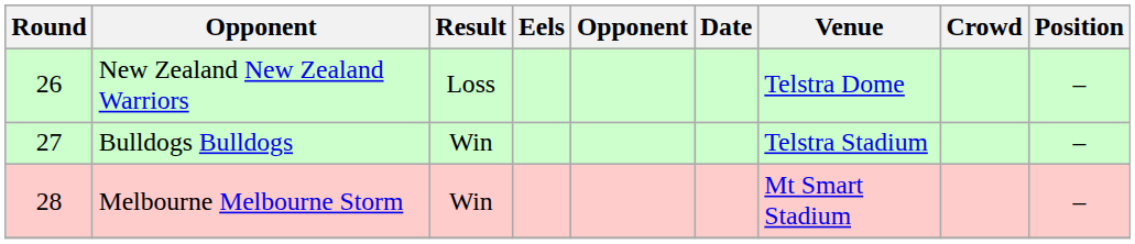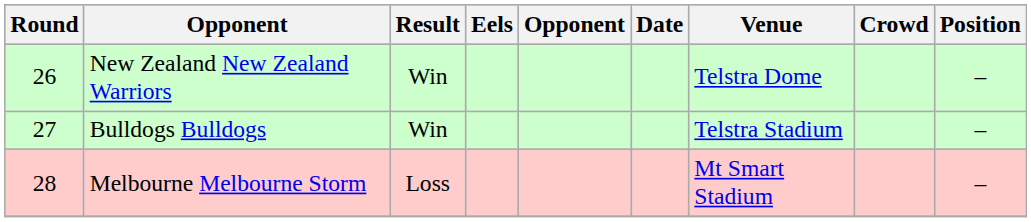 <table class="wikitable sortable" width="100%" style="font-size:90%">
 <tr>
 <th>Round</th>
 <th>Opponent</th>
 <th>Result</th>
 <th>Eels</th>
 <th>Opponent</th>
 <th>Date</th>
 <th>Venue</th>
 <th>Crowd</th>
 <th>Position</th>
 </tr>
 <tr style="background:#cfc">
 <td align="center"><span>26</span></td>
 <td><span>New Zealand</span> <a href='#'>New Zealand Warriors</a></td>
-<td align="center">Loss</td>
+<td align="center">Win</td>
 <td align="center"></td>
 <td align="center"></td>
 <td></td>
 <td><a href='#'>Telstra Dome</a></td>
 <td align="center"></td>
 <td align="center">–</td>
 </tr>
 <tr style="background:#cfc">
 <td align="center"><span>27</span></td>
 <td><span>Bulldogs</span> <a href='#'>Bulldogs</a></td>
 <td align="center">Win</td>
 <td align="center"></td>
 <td align="center"></td>
 <td></td>
 <td><a href='#'>Telstra Stadium</a></td>
 <td align="center"></td>
 <td align="center">–</td>
 </tr>
 <tr style="background:#fcc;">
 <td align="center"><span>28</span></td>
 <td><span>Melbourne</span> <a href='#'>Melbourne Storm</a></td>
-<td align="center">Win</td>
+<td align="center">Loss</td>
 <td align="center"></td>
 <td align="center"></td>
 <td></td>
 <td><a href='#'>Mt Smart Stadium</a></td>
 <td align="center"></td>
 <td align="center">–</td>
 </tr>
 <tr>
 </tr>
 </table>
